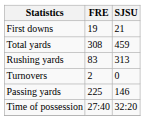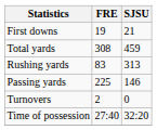 <table class="wikitable" style="float: left;">
 <tr>
 <th>Statistics</th>
 <th>FRE</th>
 <th>SJSU</th>
 </tr>
 <tr>
 <td>First downs</td>
 <td>19</td>
 <td>21</td>
 </tr>
 <tr>
 <td>Total yards</td>
 <td>308</td>
 <td>459</td>
 </tr>
 <tr>
 <td>Rushing yards</td>
 <td>83</td>
 <td>313</td>
 </tr>
 <tr>
+<td>Passing yards</td>
+<td>225</td>
+<td>146</td>
+</tr>
+<tr>
 <td>Turnovers</td>
 <td>2</td>
 <td>0</td>
-</tr>
-<tr>
-<td>Passing yards</td>
-<td>225</td>
-<td>146</td>
 </tr>
 <tr>
 <td>Time of possession</td>
 <td>27:40</td>
 <td>32:20</td>
 </tr>
 <tr>
 </tr>
 </table>
